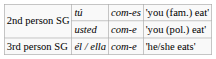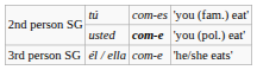 <table class="wikitable">
 <tr>
 <td rowspan="2">2nd person <span>SG</span></td>
 <td><em>tú</em></td>
 <td><em>com-es</em></td>
 <td>'you (fam.) eat'</td>
 </tr>
 <tr>
 <td><em>usted</em></td>
-<td><em>com-e</em></td>
+<td><strong><em>com-e</em></strong></td>
 <td>'you (pol.) eat'</td>
 </tr>
 <tr>
 <td>3rd person <span>SG</span></td>
 <td><em>él / ella</em></td>
 <td><em>com-e</em></td>
 <td>'he/she eats'</td>
 </tr>
 </table>
